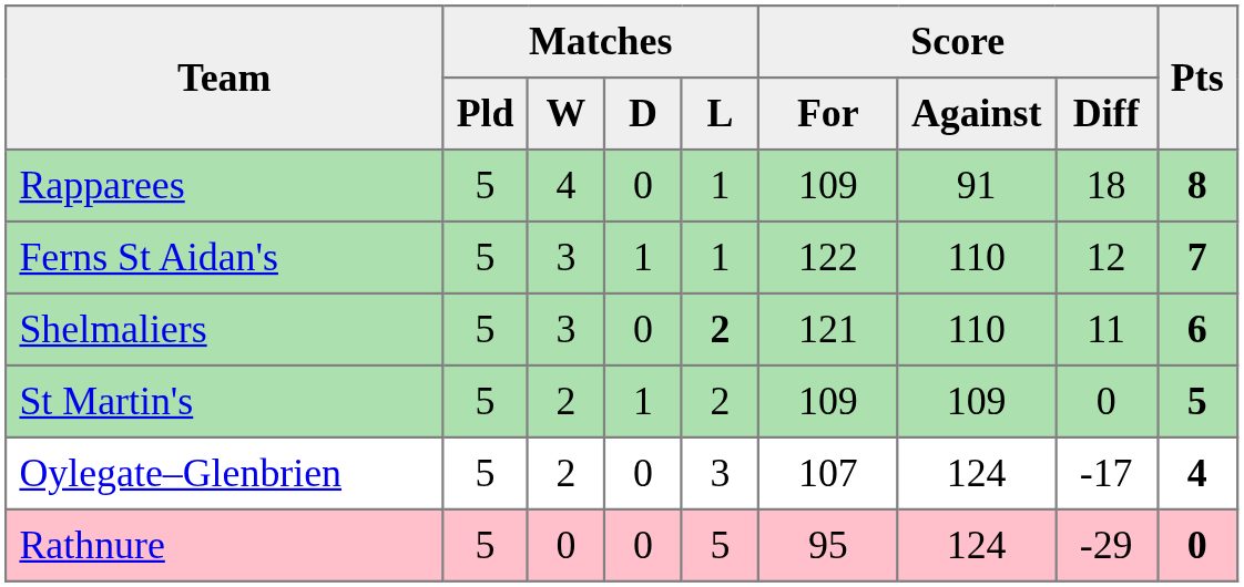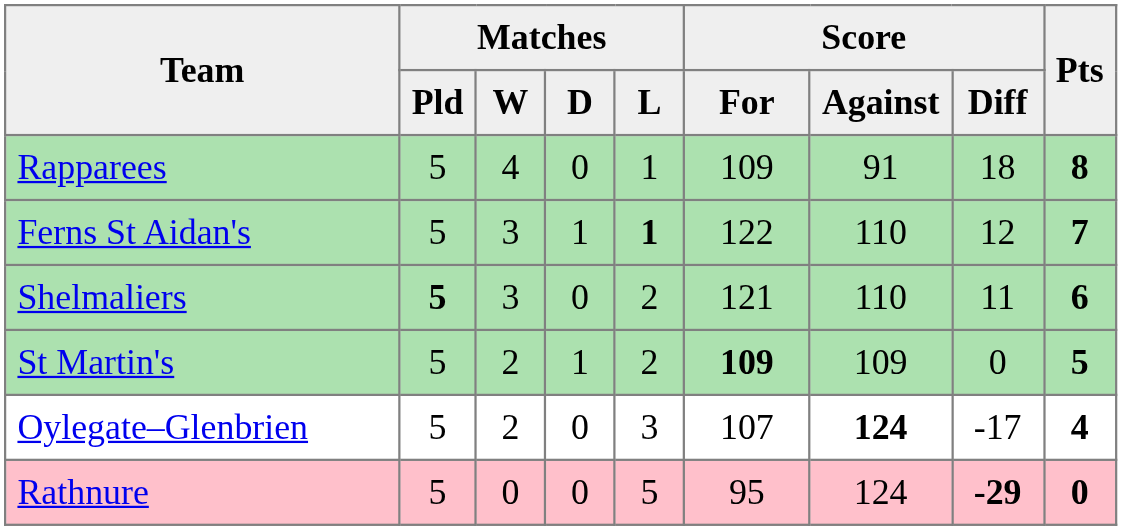 <table style=border-collapse:collapse border=1 cellspacing=0 cellpadding=5>
 <tr align=center bgcolor=#efefef>
 <th rowspan=2 width=165>Team</th>
 <th colspan=4>Matches</th>
 <th colspan=3>Score</th>
 <th rowspan=2width=20>Pts</th>
 </tr>
 <tr align=center bgcolor=#efefef>
 <th width=20>Pld</th>
 <th width=20>W</th>
 <th width=20>D</th>
 <th width=20>L</th>
 <th width=45>For</th>
 <th width=45>Against</th>
 <th width=30>Diff</th>
 </tr>
 <tr align=center style="background:#ACE1AF;">
 <td style="text-align:left;"><a href='#'>Rapparees</a></td>
 <td>5</td>
 <td>4</td>
 <td>0</td>
 <td>1</td>
 <td>109</td>
 <td>91</td>
 <td>18</td>
 <td><strong>8</strong></td>
 </tr>
 <tr align=center style="background:#ACE1AF;">
 <td style="text-align:left;"><a href='#'>Ferns St Aidan's</a></td>
 <td>5</td>
 <td>3</td>
 <td>1</td>
-<td>1</td>
+<td><strong>1</strong></td>
 <td>122</td>
 <td>110</td>
 <td>12</td>
 <td><strong>7</strong></td>
 </tr>
 <tr align=center style="background:#ACE1AF;">
 <td style="text-align:left;"><a href='#'>Shelmaliers</a></td>
-<td>5</td>
+<td><strong>5</strong></td>
 <td>3</td>
 <td>0</td>
-<td><strong>2</strong></td>
+<td>2</td>
 <td>121</td>
 <td>110</td>
 <td>11</td>
 <td><strong>6</strong></td>
 </tr>
 <tr align=center style="background:#ACE1AF;">
 <td style="text-align:left;"><a href='#'>St Martin's</a></td>
 <td>5</td>
 <td>2</td>
 <td>1</td>
 <td>2</td>
-<td>109</td>
+<td><strong>109</strong></td>
 <td>109</td>
 <td>0</td>
 <td><strong>5</strong></td>
 </tr>
 <tr align=center>
 <td style="text-align:left;"><a href='#'>Oylegate–Glenbrien</a></td>
 <td>5</td>
 <td>2</td>
 <td>0</td>
 <td>3</td>
 <td>107</td>
-<td>124</td>
+<td><strong>124</strong></td>
 <td>-17</td>
 <td><strong>4</strong></td>
 </tr>
 <tr align=center style="background:#FFC0CB;">
 <td style="text-align:left;"><a href='#'>Rathnure</a></td>
 <td>5</td>
 <td>0</td>
 <td>0</td>
 <td>5</td>
 <td>95</td>
 <td>124</td>
-<td>-29</td>
+<td><strong>-29</strong></td>
 <td><strong>0</strong></td>
 </tr>
 </table>
